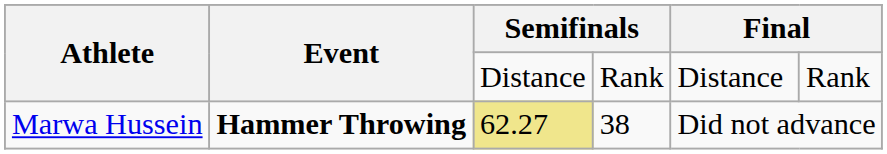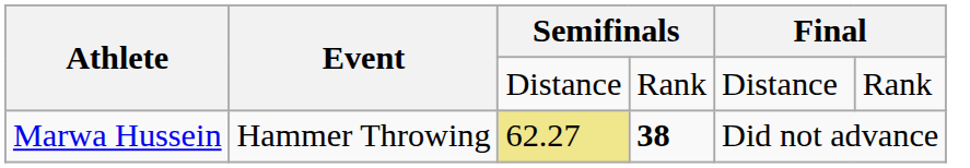 <table class="wikitable">
 <tr>
 <th rowspan="2">Athlete</th>
 <th rowspan="2">Event</th>
 <th colspan="2">Semifinals</th>
 <th colspan="2">Final</th>
 </tr>
 <tr>
 <td>Distance</td>
 <td>Rank</td>
 <td>Distance</td>
 <td>Rank</td>
 </tr>
 <tr>
 <td><a href='#'>Marwa Hussein</a></td>
-<td><strong>Hammer Throwing</strong></td>
+<td>Hammer Throwing</td>
 <td style="background: khaki;">62.27</td>
-<td>38</td>
+<td><strong>38</strong></td>
 <td colspan="2">Did not advance</td>
 </tr>
 </table>
